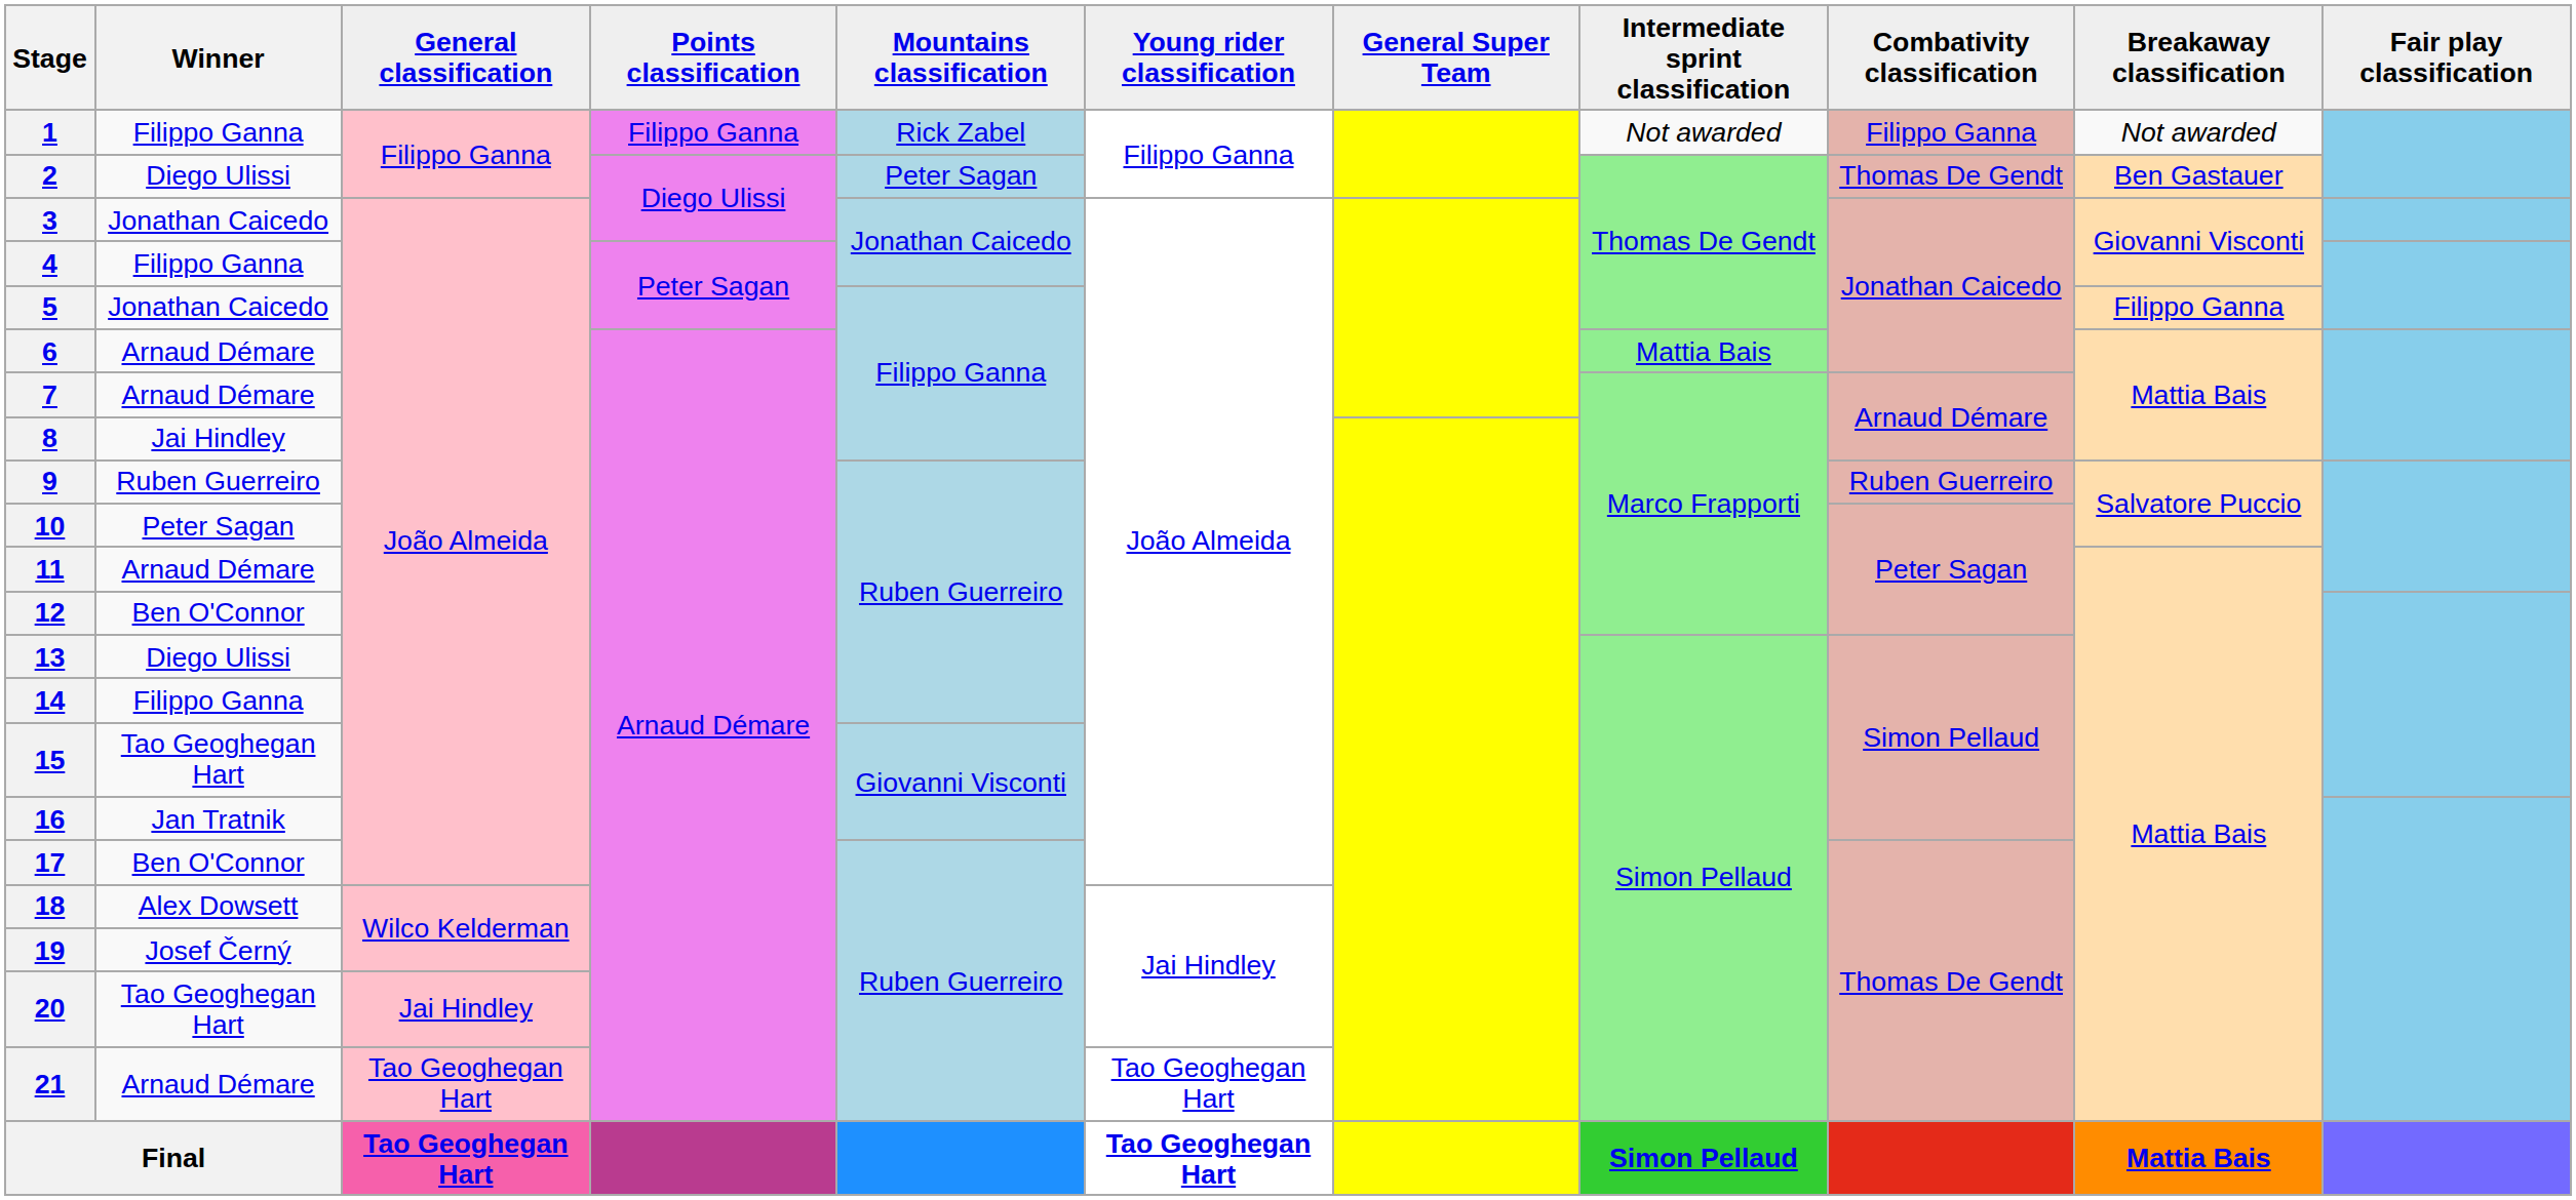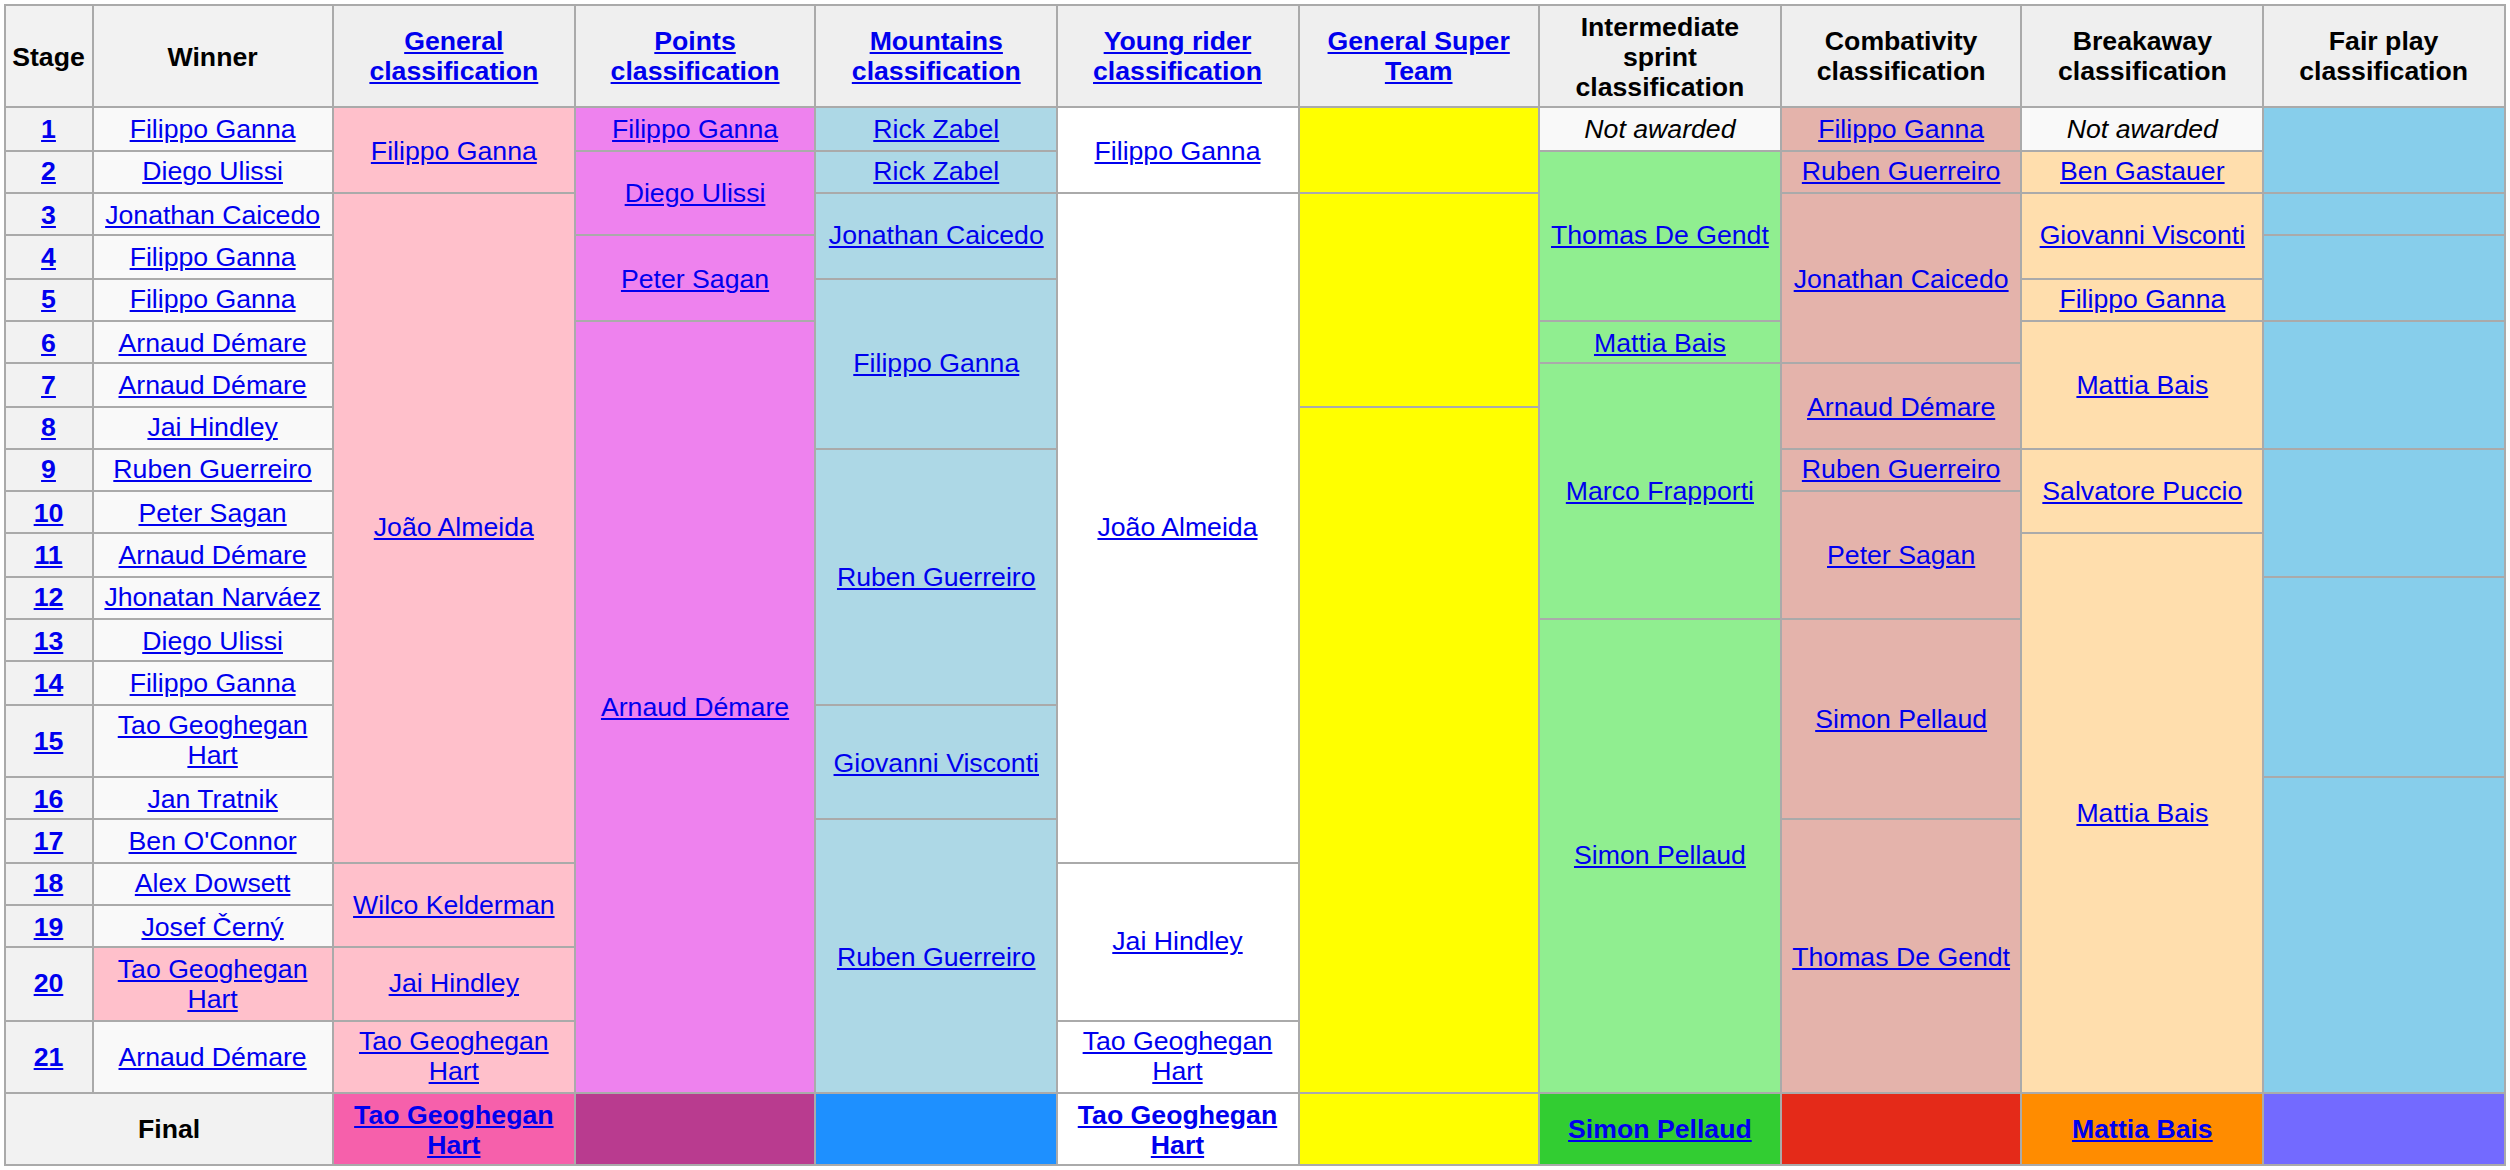 <table class="wikitable" style="text-align: center; font-size:smaller;">
 <tr style="background:#efefef;">
 <th style="width:1%;">Stage</th>
 <th style="width:9%;">Winner</th>
 <th style="background:#efefef; width:9%;"><a href='#'>General classification</a><br></th>
 <th style="background:#efefef; width:9%;"><a href='#'>Points classification</a><br></th>
 <th style="background:#efefef; width:9%;"><a href='#'>Mountains classification</a><br></th>
 <th style="background:#efefef; width:9%;"><a href='#'>Young rider classification</a><br></th>
 <th style="background:#efefef; width:9%;"><a href='#'>General Super Team</a></th>
 <th style="background:#efefef; width:9%;">Intermediate sprint classification</th>
 <th style="background:#efefef; width:9%;">Combativity classification</th>
 <th style="background:#efefef; width:9%;">Breakaway classification</th>
 <th style="background:#efefef; width:9%;">Fair play classification</th>
 </tr>
 <tr>
 <th><a href='#'>1</a></th>
 <td><a href='#'>Filippo Ganna</a></td>
 <td style="background:pink;" rowspan="2"><a href='#'>Filippo Ganna</a></td>
 <td style="background:violet;"><a href='#'>Filippo Ganna</a></td>
 <td style="background:lightblue;"><a href='#'>Rick Zabel</a></td>
 <td style="background:white;" rowspan="2"><a href='#'>Filippo Ganna</a></td>
 <td style="background:#FFFF00;" rowspan="2"></td>
 <td><em>Not awarded</em></td>
 <td style="background:#E4B3AB;"><a href='#'>Filippo Ganna</a></td>
 <td><em>Not awarded</em></td>
 <td style="background:skyblue;" rowspan="2"></td>
 </tr>
 <tr>
 <th><a href='#'>2</a></th>
 <td><a href='#'>Diego Ulissi</a></td>
 <td style="background:violet;" rowspan="2"><a href='#'>Diego Ulissi</a></td>
-<td style="background:lightblue;"><a href='#'>Peter Sagan</a></td>
+<td style="background:lightblue;"><a href='#'>Rick Zabel</a></td>
 <td style="background:lightgreen;" rowspan="4"><a href='#'>Thomas De Gendt</a></td>
-<td style="background:#E4B3AB;"><a href='#'>Thomas De Gendt</a></td>
+<td style="background:#E4B3AB;"><a href='#'>Ruben Guerreiro</a></td>
 <td style="background:navajowhite;"><a href='#'>Ben Gastauer</a></td>
 </tr>
 <tr>
 <th><a href='#'>3</a></th>
 <td><a href='#'>Jonathan Caicedo</a></td>
 <td style="background:pink;" rowspan="15"><a href='#'>João Almeida</a></td>
 <td style="background:lightblue;" rowspan="2"><a href='#'>Jonathan Caicedo</a></td>
 <td style="background:white;" rowspan="15"><a href='#'>João Almeida</a></td>
 <td style="background:#FFFF00;" rowspan="5"></td>
 <td style="background:#E4B3AB;" rowspan="4"><a href='#'>Jonathan Caicedo</a></td>
 <td style="background:navajowhite;" rowspan="2"><a href='#'>Giovanni Visconti</a></td>
 <td style="background:skyblue;"></td>
 </tr>
 <tr>
 <th><a href='#'>4</a></th>
 <td><a href='#'>Filippo Ganna</a></td>
 <td style="background:violet;" rowspan="2"><a href='#'>Peter Sagan</a></td>
 <td style="background:skyblue;" rowspan="2"></td>
 </tr>
 <tr>
 <th><a href='#'>5</a></th>
-<td><a href='#'>Jonathan Caicedo</a></td>
+<td><a href='#'>Filippo Ganna</a></td>
 <td style="background:lightblue;" rowspan="4"><a href='#'>Filippo Ganna</a></td>
 <td style="background:navajowhite;"><a href='#'>Filippo Ganna</a></td>
 </tr>
 <tr>
 <th><a href='#'>6</a></th>
 <td><a href='#'>Arnaud Démare</a></td>
 <td style="background:violet;" rowspan="16"><a href='#'>Arnaud Démare</a></td>
 <td style="background:lightgreen;"><a href='#'>Mattia Bais</a></td>
 <td style="background:navajowhite;" rowspan="3"><a href='#'>Mattia Bais</a></td>
 <td style="background:skyblue;" rowspan="3"></td>
 </tr>
 <tr>
 <th><a href='#'>7</a></th>
 <td><a href='#'>Arnaud Démare</a></td>
 <td style="background:lightgreen;" rowspan="6"><a href='#'>Marco Frapporti</a></td>
 <td style="background:#E4B3AB;" rowspan="2"><a href='#'>Arnaud Démare</a></td>
 </tr>
 <tr>
 <th><a href='#'>8</a></th>
 <td><a href='#'>Jai Hindley</a></td>
 <td style="background:#FFFF00;" rowspan="14"></td>
 </tr>
 <tr>
 <th><a href='#'>9</a></th>
 <td><a href='#'>Ruben Guerreiro</a></td>
 <td style="background:lightblue;" rowspan="6"><a href='#'>Ruben Guerreiro</a></td>
 <td style="background:#E4B3AB;"><a href='#'>Ruben Guerreiro</a></td>
 <td style="background:navajowhite;" rowspan="2"><a href='#'>Salvatore Puccio</a></td>
 <td style="background:skyblue;" rowspan="3"></td>
 </tr>
 <tr>
 <th><a href='#'>10</a></th>
 <td><a href='#'>Peter Sagan</a></td>
 <td style="background:#E4B3AB;" rowspan="3"><a href='#'>Peter Sagan</a></td>
 </tr>
 <tr>
 <th><a href='#'>11</a></th>
 <td><a href='#'>Arnaud Démare</a></td>
 <td style="background:navajowhite;" rowspan="11"><a href='#'>Mattia Bais</a></td>
 </tr>
 <tr>
 <th><a href='#'>12</a></th>
-<td><a href='#'>Ben O'Connor</a></td>
+<td><a href='#'>Jhonatan Narváez</a></td>
 <td style="background:skyblue;" rowspan="4"></td>
 </tr>
 <tr>
 <th><a href='#'>13</a></th>
 <td><a href='#'>Diego Ulissi</a></td>
 <td style="background:lightgreen;" rowspan="9"><a href='#'>Simon Pellaud</a></td>
 <td style="background:#E4B3AB;" rowspan="4"><a href='#'>Simon Pellaud</a></td>
 </tr>
 <tr>
 <th><a href='#'>14</a></th>
 <td><a href='#'>Filippo Ganna</a></td>
 </tr>
 <tr>
 <th><a href='#'>15</a></th>
 <td><a href='#'>Tao Geoghegan Hart</a></td>
 <td style="background:lightblue;" rowspan="2"><a href='#'>Giovanni Visconti</a></td>
 </tr>
 <tr>
 <th><a href='#'>16</a></th>
 <td><a href='#'>Jan Tratnik</a></td>
 <td style="background:skyblue;" rowspan="6"></td>
 </tr>
 <tr>
 <th><a href='#'>17</a></th>
 <td><a href='#'>Ben O'Connor</a></td>
 <td style="background:lightblue;" rowspan="5"><a href='#'>Ruben Guerreiro</a></td>
 <td style="background:#E4B3AB;" rowspan="5"><a href='#'>Thomas De Gendt</a></td>
 </tr>
 <tr>
 <th><a href='#'>18</a></th>
 <td><a href='#'>Alex Dowsett</a></td>
 <td style="background:pink;" rowspan="2"><a href='#'>Wilco Kelderman</a></td>
 <td style="background:white;" rowspan="3"><a href='#'>Jai Hindley</a></td>
 </tr>
 <tr>
 <th><a href='#'>19</a></th>
 <td><a href='#'>Josef Černý</a></td>
 </tr>
 <tr>
 <th><a href='#'>20</a></th>
-<td><a href='#'>Tao Geoghegan Hart</a></td>
+<td style="background: pink;"><a href='#'>Tao Geoghegan Hart</a></td>
 <td style="background:pink;"><a href='#'>Jai Hindley</a></td>
 </tr>
 <tr>
 <th><a href='#'>21</a></th>
 <td><a href='#'>Arnaud Démare</a></td>
 <td style="background:pink;"><a href='#'>Tao Geoghegan Hart</a></td>
 <td style="background:white;"><a href='#'>Tao Geoghegan Hart</a></td>
 </tr>
 <tr>
 <th colspan="2">Final</th>
 <th style="background:#F660AB;"><a href='#'>Tao Geoghegan Hart</a></th>
 <th style="background:#B93B8F;"></th>
 <th style="background:dodgerblue;"></th>
 <th style="background:white;"><a href='#'>Tao Geoghegan Hart</a></th>
 <th style="background:yellow;"></th>
 <th style="background:limegreen;"><a href='#'>Simon Pellaud</a></th>
 <th style="background:#E42A19;"></th>
 <th style="background:#FF8C00;"><a href='#'>Mattia Bais</a></th>
 <th style="background:#736aff;"></th>
 </tr>
 </table>
